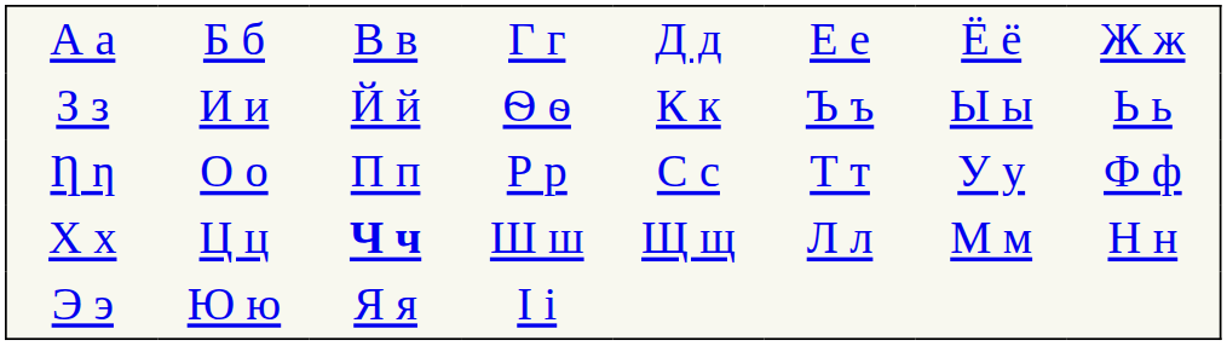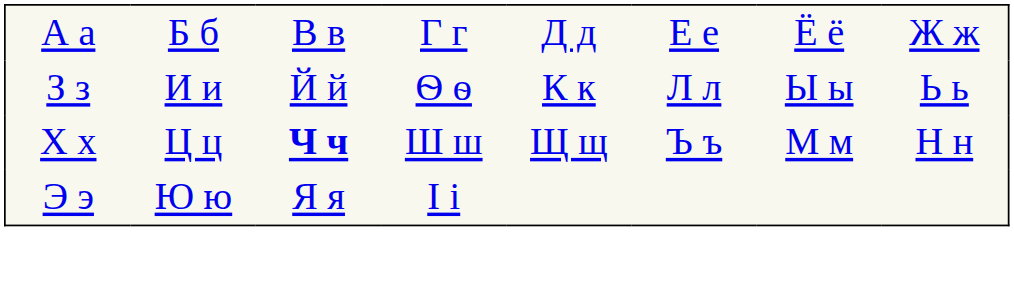 <table style="font-family:Arial Unicode MS; font-size:1.4em; border-color:#000000; border-width:1px; border-style:solid; border-collapse:collapse; background-color:#F8F8EF">
 <tr>
 <td style="width:3em; text-align:center; padding: 3px;"><a href='#'>А а</a></td>
 <td style="width:3em; text-align:center; padding: 3px;"><a href='#'>Б б</a></td>
 <td style="width:3em; text-align:center; padding: 3px;"><a href='#'>В в</a></td>
 <td style="width:3em; text-align:center; padding: 3px;"><a href='#'>Г г</a></td>
 <td style="width:3em; text-align:center; padding: 3px;"><a href='#'>Д д</a></td>
 <td style="width:3em; text-align:center; padding: 3px;"><a href='#'>Е е</a></td>
 <td style="width:3em; text-align:center; padding: 3px;"><a href='#'>Ё ё</a></td>
 <td style="width:3em; text-align:center; padding: 3px;"><a href='#'>Ж ж</a></td>
 </tr>
 <tr>
 <td style="width:3em; text-align:center; padding: 3px;"><a href='#'>З з</a></td>
 <td style="width:3em; text-align:center; padding: 3px;"><a href='#'>И и</a></td>
 <td style="width:3em; text-align:center; padding: 3px;"><a href='#'>Й й</a></td>
 <td style="width:3em; text-align:center; padding: 3px;"><a href='#'>Ѳ ѳ</a></td>
 <td style="width:3em; text-align:center; padding: 3px;"><a href='#'>К к</a></td>
-<td style="width:3em; text-align:center; padding: 3px;"><a href='#'>Ъ ъ</a></td>
+<td style="width:3em; text-align:center; padding: 3px;"><a href='#'>Л л</a></td>
 <td style="width:3em; text-align:center; padding: 3px;"><a href='#'>Ы ы</a></td>
 <td style="width:3em; text-align:center; padding: 3px;"><a href='#'>Ь ь</a></td>
-</tr>
-<tr>
-<td style="width:3em; text-align:center; padding: 3px;"><a href='#'>Ƞ ƞ</a></td>
-<td style="width:3em; text-align:center; padding: 3px;"><a href='#'>О о</a></td>
-<td style="width:3em; text-align:center; padding: 3px;"><a href='#'>П п</a></td>
-<td style="width:3em; text-align:center; padding: 3px;"><a href='#'>Р р</a></td>
-<td style="width:3em; text-align:center; padding: 3px;"><a href='#'>С с</a></td>
-<td style="width:3em; text-align:center; padding: 3px;"><a href='#'>Т т</a></td>
-<td style="width:3em; text-align:center; padding: 3px;"><a href='#'>У у</a></td>
-<td style="width:3em; text-align:center; padding: 3px;"><a href='#'>Ф ф</a></td>
 </tr>
 <tr>
 <td style="width:3em; text-align:center; padding: 3px;"><a href='#'>Х х</a></td>
 <td style="width:3em; text-align:center; padding: 3px;"><a href='#'>Ц ц</a></td>
 <td style="width:3em; text-align:center; padding: 3px;"><strong><a href='#'>Ч ч</a></strong></td>
 <td style="width:3em; text-align:center; padding: 3px;"><a href='#'>Ш ш</a></td>
 <td style="width:3em; text-align:center; padding: 3px;"><a href='#'>Щ щ</a></td>
-<td style="width:3em; text-align:center; padding: 3px;"><a href='#'>Л л</a></td>
+<td style="width:3em; text-align:center; padding: 3px;"><a href='#'>Ъ ъ</a></td>
 <td style="width:3em; text-align:center; padding: 3px;"><a href='#'>М м</a></td>
 <td style="width:3em; text-align:center; padding: 3px;"><a href='#'>Н н</a></td>
 </tr>
 <tr>
 <td style="width:3em; text-align:center; padding: 3px;"><a href='#'>Э э</a></td>
 <td style="width:3em; text-align:center; padding: 3px;"><a href='#'>Ю ю</a></td>
 <td style="width:3em; text-align:center; padding: 3px;"><a href='#'>Я я</a></td>
 <td style="width:3em; text-align:center; padding: 3px;"><a href='#'>І і</a></td>
 <td></td>
 <td></td>
 <td></td>
 <td></td>
 </tr>
 </table>
